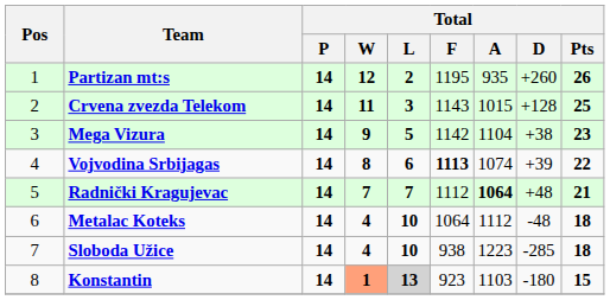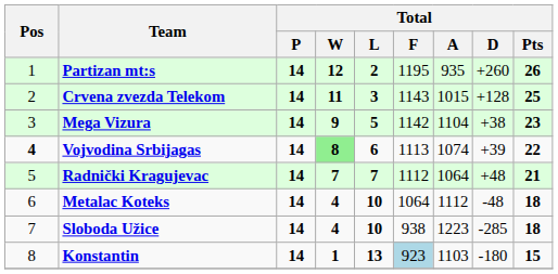 <table class="wikitable sortable" style="text-align: center; font-size:95%">
 <tr>
 <th width="44" rowspan=2>Pos</th>
 <th width="200" rowspan=2>Team</th>
 <th colspan=7>Total</th>
 </tr>
 <tr>
 <th width="30"><strong>P</strong></th>
 <th width="30"><strong>W</strong></th>
 <th width="30"><strong>L</strong></th>
 <th width="30"><strong>F</strong></th>
 <th width="30"><strong>A</strong></th>
 <th width="30"><strong>D</strong></th>
 <th width="30"><strong>Pts</strong></th>
 </tr>
 <tr style="background: #ddffdd">
 <td>1</td>
 <td align="left"><strong><a href='#'>Partizan mt:s</a></strong></td>
 <td><strong>14</strong></td>
 <td><strong>12</strong></td>
 <td><strong>2</strong></td>
 <td>1195</td>
 <td>935</td>
 <td>+260</td>
 <td><strong>26</strong></td>
 </tr>
 <tr style="background: #ddffdd">
 <td>2</td>
 <td align="left"><strong><a href='#'>Crvena zvezda Telekom</a></strong></td>
 <td><strong>14</strong></td>
 <td><strong>11</strong></td>
 <td><strong>3</strong></td>
 <td>1143</td>
 <td>1015</td>
 <td>+128</td>
 <td><strong>25</strong></td>
 </tr>
 <tr style="background: #ddffdd">
 <td>3</td>
 <td align="left"><strong><a href='#'>Mega Vizura</a></strong></td>
 <td><strong>14</strong></td>
 <td><strong>9</strong></td>
 <td><strong>5</strong></td>
 <td>1142</td>
 <td>1104</td>
 <td>+38</td>
 <td><strong>23</strong></td>
 </tr>
 <tr>
-<td>4</td>
+<td><strong>4</strong></td>
 <td align="left"><strong><a href='#'>Vojvodina Srbijagas</a></strong></td>
 <td><strong>14</strong></td>
-<td><strong>8</strong></td>
+<td style="background: lightgreen;"><strong>8</strong></td>
 <td><strong>6</strong></td>
-<td><strong>1113</strong></td>
+<td>1113</td>
 <td>1074</td>
 <td>+39</td>
 <td><strong>22</strong></td>
 </tr>
 <tr style="background: #ddffdd">
 <td>5</td>
 <td align="left"><strong><a href='#'>Radnički Kragujevac</a></strong></td>
 <td><strong>14</strong></td>
 <td><strong>7</strong></td>
 <td><strong>7</strong></td>
 <td>1112</td>
-<td><strong>1064</strong></td>
+<td>1064</td>
 <td>+48</td>
 <td><strong>21</strong></td>
 </tr>
 <tr>
 <td>6</td>
 <td align="left"><strong><a href='#'>Metalac Koteks</a></strong></td>
 <td><strong>14</strong></td>
 <td><strong>4</strong></td>
 <td><strong>10</strong></td>
 <td>1064</td>
 <td>1112</td>
 <td>-48</td>
 <td><strong>18</strong></td>
 </tr>
 <tr>
 <td>7</td>
 <td align="left"><strong><a href='#'>Sloboda Užice</a></strong></td>
 <td><strong>14</strong></td>
 <td><strong>4</strong></td>
 <td><strong>10</strong></td>
 <td>938</td>
 <td>1223</td>
 <td>-285</td>
 <td><strong>18</strong></td>
 </tr>
 <tr>
 <td>8</td>
 <td align="left"><strong><a href='#'>Konstantin</a></strong></td>
 <td><strong>14</strong></td>
-<td style="background: lightsalmon;"><strong>1</strong></td>
-<td style="background: lightgrey;"><strong>13</strong></td>
-<td>923</td>
+<td><strong>1</strong></td>
+<td><strong>13</strong></td>
+<td style="background: lightblue;">923</td>
 <td>1103</td>
 <td>-180</td>
 <td><strong>15</strong></td>
 </tr>
 <tr>
 </tr>
 </table>
